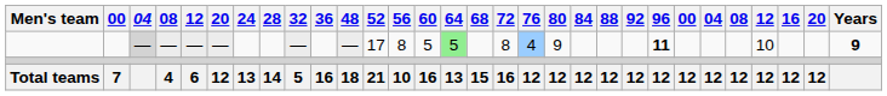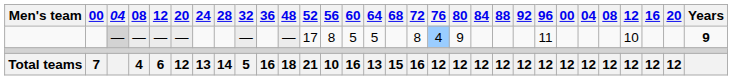 <table class="wikitable" style="text-align: center; font-size: 90%; margin-left: 1em;">
 <tr>
 <th>Men's team</th>
 <th><a href='#'>00</a></th>
 <th><em><a href='#'>04</a></em></th>
 <th><a href='#'>08</a></th>
 <th><a href='#'>12</a></th>
 <th><a href='#'>20</a></th>
 <th><a href='#'>24</a></th>
 <th><a href='#'>28</a></th>
 <th><a href='#'>32</a></th>
 <th><a href='#'>36</a></th>
 <th><a href='#'>48</a></th>
 <th><a href='#'>52</a></th>
 <th><a href='#'>56</a></th>
 <th><a href='#'>60</a></th>
 <th><a href='#'>64</a></th>
 <th><a href='#'>68</a></th>
 <th><a href='#'>72</a></th>
 <th><a href='#'>76</a></th>
 <th><a href='#'>80</a></th>
 <th><a href='#'>84</a></th>
 <th><a href='#'>88</a></th>
 <th><a href='#'>92</a></th>
 <th><a href='#'>96</a></th>
 <th><a href='#'>00</a></th>
 <th><a href='#'>04</a></th>
 <th><a href='#'>08</a></th>
 <th><a href='#'>12</a></th>
 <th><a href='#'>16</a></th>
 <th><a href='#'>20</a></th>
 <th>Years</th>
 </tr>
 <tr>
 <td style="text-align: left;"></td>
 <td></td>
 <td style="background-color: lightgray;">—</td>
 <td style="background-color: #ececec;">—</td>
 <td style="background-color: #ececec;">—</td>
 <td style="background-color: #ececec;">—</td>
 <td></td>
 <td></td>
 <td style="background-color: #ececec;">—</td>
 <td></td>
 <td style="background-color: #ececec;">—</td>
 <td>17</td>
 <td>8</td>
 <td>5</td>
-<td style="background: lightgreen;">5</td>
+<td>5</td>
 <td></td>
 <td>8</td>
 <td style="background-color: #9acdff;">4</td>
 <td>9</td>
 <td></td>
 <td></td>
 <td></td>
-<td><strong>11</strong></td>
+<td>11</td>
 <td></td>
 <td></td>
 <td></td>
 <td>10</td>
 <td></td>
 <td></td>
 <td><strong>9</strong></td>
 </tr>
 <tr style="background-color: lightgrey;">
 <td colspan="30"></td>
 </tr>
 <tr>
 <th>Total teams</th>
 <th>7</th>
 <th></th>
 <th>4</th>
 <th>6</th>
 <th>12</th>
 <th>13</th>
 <th>14</th>
 <th>5</th>
 <th>16</th>
 <th>18</th>
 <th>21</th>
 <th>10</th>
 <th>16</th>
 <th>13</th>
 <th>15</th>
 <th>16</th>
 <th>12</th>
 <th>12</th>
 <th>12</th>
 <th>12</th>
 <th>12</th>
 <th>12</th>
 <th>12</th>
 <th>12</th>
 <th>12</th>
 <th>12</th>
 <th>12</th>
 <th>12</th>
 <th></th>
 </tr>
 </table>
